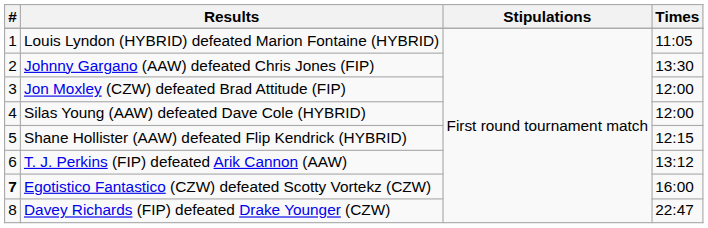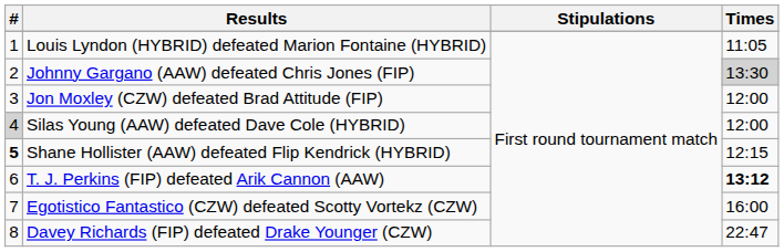 <table style="font-size: 85%" class="wikitable sortable">
 <tr>
 <th><strong>#</strong></th>
 <th><strong>Results</strong></th>
 <th><strong>Stipulations</strong></th>
 <th><strong>Times</strong></th>
 </tr>
 <tr>
 </tr>
 <tr>
 <td>1</td>
 <td>Louis Lyndon (HYBRID) defeated Marion Fontaine (HYBRID)</td>
 <td rowspan="8">First round tournament match</td>
 <td>11:05</td>
 </tr>
 <tr>
 <td>2</td>
 <td><a href='#'>Johnny Gargano</a> (AAW) defeated Chris Jones (FIP)</td>
-<td>13:30</td>
+<td style="background: lightgrey;">13:30</td>
 </tr>
 <tr>
 <td>3</td>
 <td><a href='#'>Jon Moxley</a> (CZW) defeated Brad Attitude (FIP)</td>
 <td>12:00</td>
 </tr>
 <tr>
-<td>4</td>
+<td style="background: lightgrey;">4</td>
 <td>Silas Young (AAW) defeated Dave Cole (HYBRID)</td>
 <td>12:00</td>
 </tr>
 <tr>
-<td>5</td>
+<td><strong>5</strong></td>
 <td>Shane Hollister (AAW) defeated Flip Kendrick (HYBRID)</td>
 <td>12:15</td>
 </tr>
 <tr>
 <td>6</td>
 <td><a href='#'>T. J. Perkins</a> (FIP) defeated <a href='#'>Arik Cannon</a> (AAW)</td>
-<td>13:12</td>
+<td><strong>13:12</strong></td>
 </tr>
 <tr>
-<td><strong>7</strong></td>
+<td>7</td>
 <td><a href='#'>Egotistico Fantastico</a> (CZW) defeated Scotty Vortekz (CZW)</td>
 <td>16:00</td>
 </tr>
 <tr>
 <td>8</td>
 <td><a href='#'>Davey Richards</a> (FIP) defeated <a href='#'>Drake Younger</a> (CZW)</td>
 <td>22:47</td>
 </tr>
 </table>
